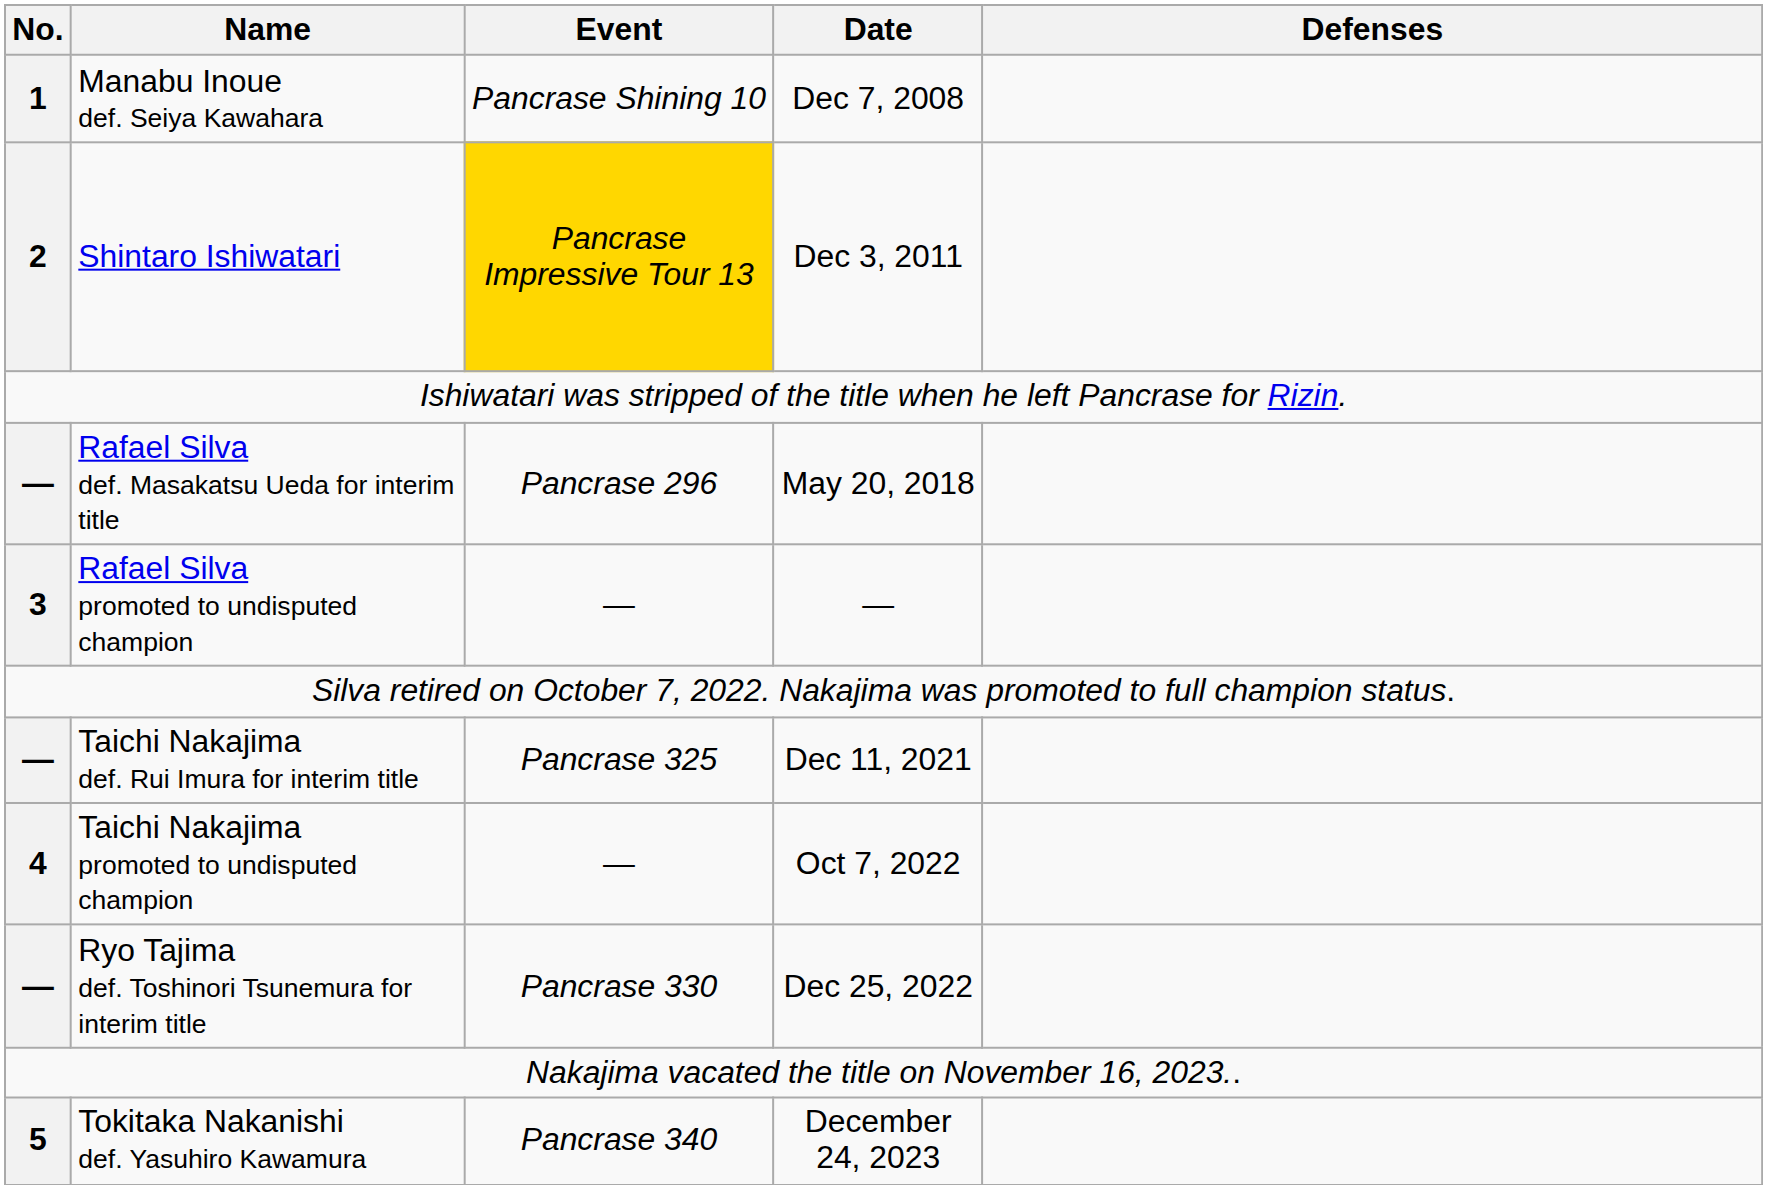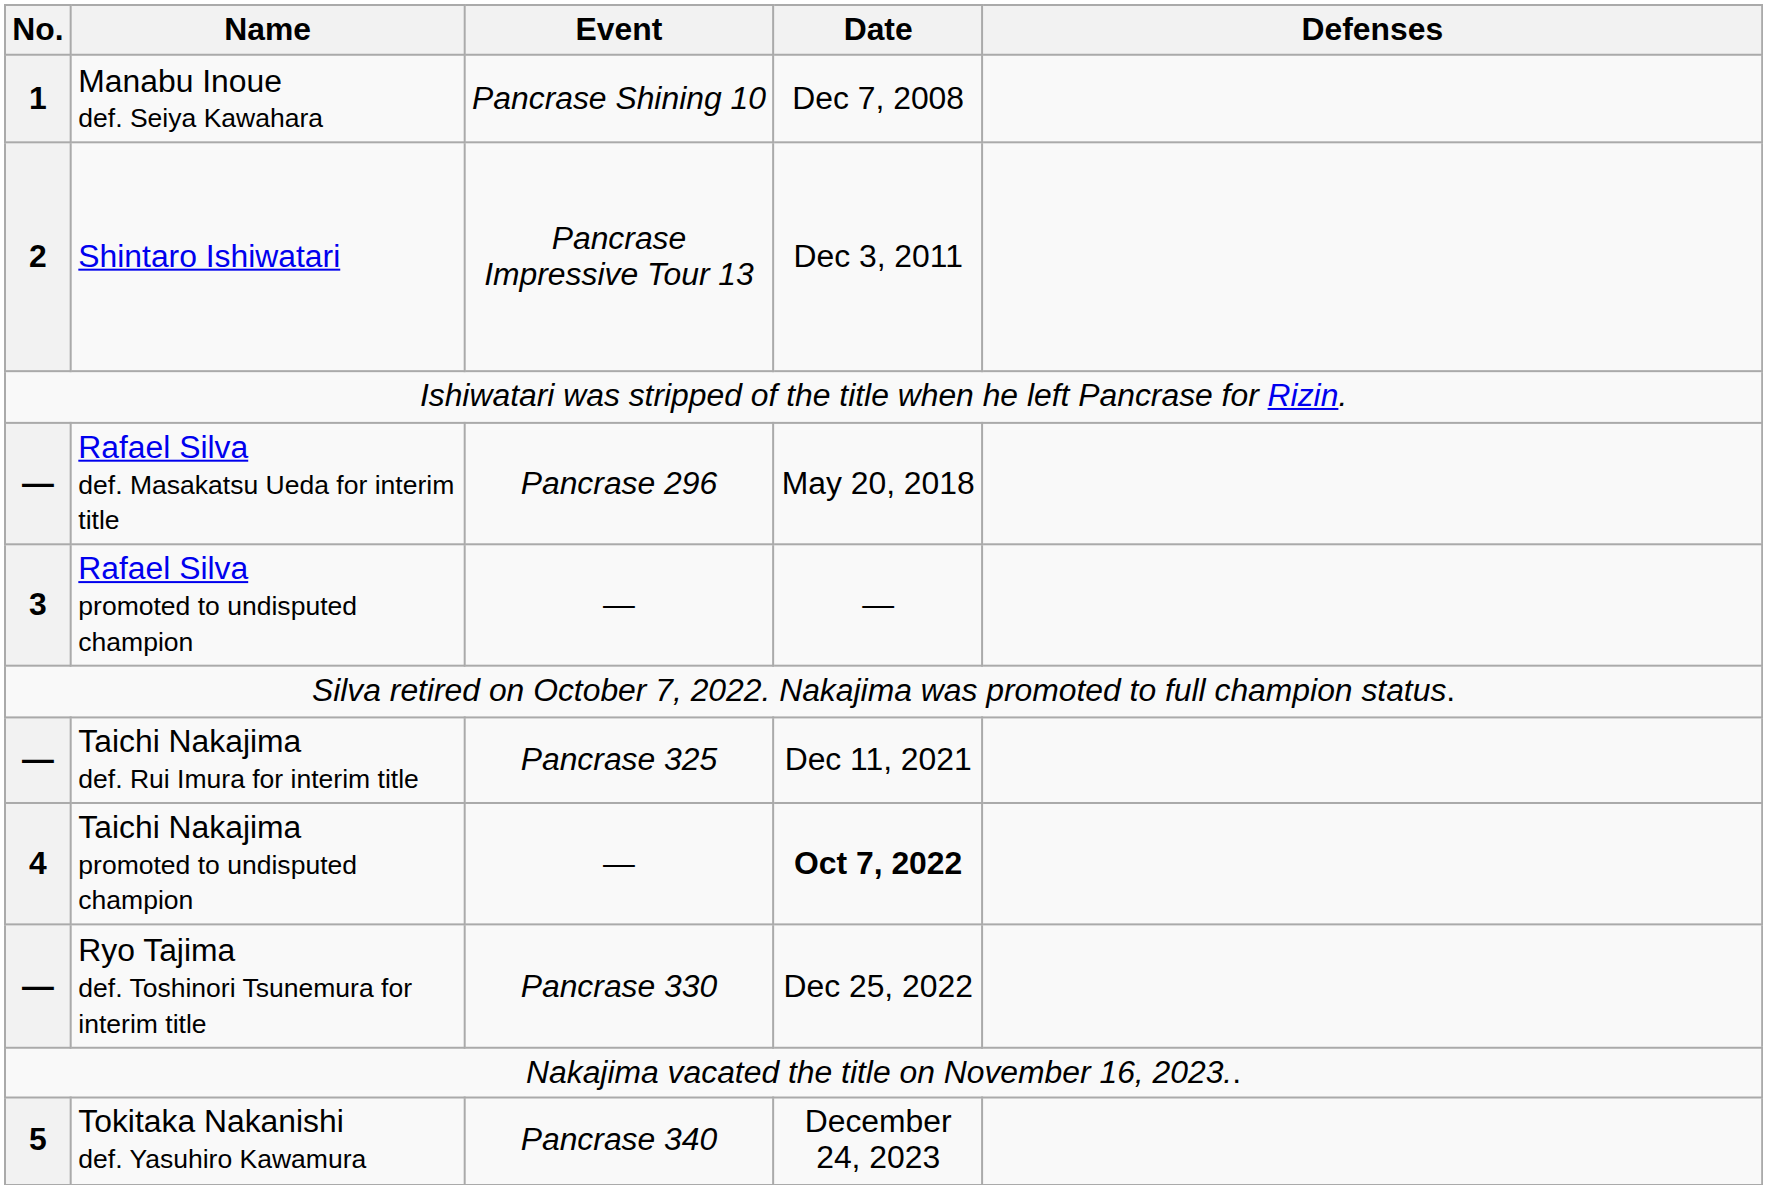 <table class="wikitable" width=100%>
 <tr>
 <th width=1%>No.</th>
 <th width=23%>Name</th>
 <th width=18%>Event</th>
 <th width=12%>Date</th>
 <th width=46%>Defenses</th>
 </tr>
 <tr>
 <th>1</th>
 <td align=left> Manabu Inoue<br><small>def. Seiya Kawahara</small></td>
 <td align=center><em>Pancrase Shining 10</em><br></td>
 <td align=center>Dec 7, 2008</td>
 <td><br><br> </td>
 </tr>
 <tr>
 <th>2</th>
 <td align=left> <a href='#'>Shintaro Ishiwatari</a></td>
-<td align=center style="background: gold;"><em>Pancrase Impressive Tour 13</em><br></td>
+<td align=center><em>Pancrase Impressive Tour 13</em><br></td>
 <td align=center>Dec 3, 2011</td>
 <td><br><br> <br> <br> <br> <br> </td>
 </tr>
 <tr>
 <td colspan=5 align=center><em>Ishiwatari was stripped of the title when he left Pancrase for <a href='#'>Rizin</a>.</em></td>
 </tr>
 <tr>
 <th>—</th>
 <td align=left> <a href='#'>Rafael Silva</a><br><small>def. Masakatsu Ueda for interim title</small></td>
 <td align=center><em>Pancrase 296</em><br></td>
 <td align=center>May 20, 2018</td>
 </tr>
 <tr>
 <th>3</th>
 <td align=left> <a href='#'>Rafael Silva</a><br><small>promoted to undisputed champion</small></td>
 <td align=center>—</td>
 <td align=center>—</td>
 <td><br><br> <br></td>
 </tr>
 <tr>
 <td colspan=5 align=center><em>Silva retired on October 7, 2022. Nakajima was promoted to full champion status</em>. </td>
 </tr>
 <tr>
 <th>—</th>
 <td align=left> Taichi Nakajima<br><small>def. Rui Imura for interim title</small></td>
 <td align=center><em>Pancrase 325</em><br></td>
 <td align=center>Dec 11, 2021</td>
 </tr>
 <tr>
 <th>4</th>
 <td align=left> Taichi Nakajima<br><small>promoted to undisputed champion</small></td>
 <td align=center>—</td>
-<td align=center>Oct 7, 2022</td>
+<td align=center><strong>Oct 7, 2022</strong></td>
 <td><br><br></td>
 </tr>
 <tr>
 <th>—</th>
 <td align=left> Ryo Tajima<br><small>def. Toshinori Tsunemura for interim title</small></td>
 <td align=center><em>Pancrase 330</em><br></td>
 <td align=center>Dec 25, 2022</td>
 </tr>
 <tr>
 <td colspan=5 align=center><em>Nakajima vacated the title on November 16, 2023.</em>.</td>
 </tr>
 <tr>
 <th>5</th>
 <td align=left> Tokitaka Nakanishi<br><small>def. Yasuhiro Kawamura</small></td>
 <td align=center><em>Pancrase 340</em><br></td>
 <td align=center>December 24, 2023</td>
 <td></td>
 </tr>
 <tr>
 </tr>
 </table>
